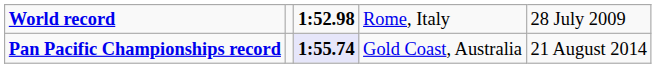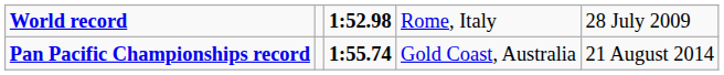 <table class="wikitable">
 <tr>
 <td><strong><a href='#'>World record</a></strong></td>
 <td></td>
 <td><strong>1:52.98</strong></td>
 <td><a href='#'>Rome</a>, Italy</td>
 <td>28 July 2009</td>
 </tr>
 <tr>
 <td><strong><a href='#'>Pan Pacific Championships record</a></strong></td>
 <td></td>
-<td style="background: lavender;"><strong>1:55.74</strong></td>
+<td><strong>1:55.74</strong></td>
 <td><a href='#'>Gold Coast</a>, Australia</td>
 <td>21 August 2014</td>
 </tr>
 </table>
